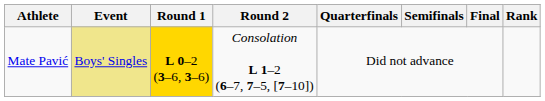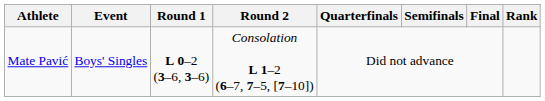 <table class=wikitable style="font-size:90%">
 <tr>
 <th>Athlete</th>
 <th>Event</th>
 <th>Round 1</th>
 <th>Round 2</th>
 <th>Quarterfinals</th>
 <th>Semifinals</th>
 <th>Final</th>
 <th>Rank</th>
 </tr>
 <tr>
 <td><a href='#'>Mate Pavić</a></td>
-<td style="background: khaki;"><a href='#'>Boys' Singles</a></td>
-<td align=center style="background: gold;"><br><strong>L</strong> <strong>0</strong>–2<br> (<strong>3</strong>–6, <strong>3</strong>–6)</td>
+<td><a href='#'>Boys' Singles</a></td>
+<td align=center><br><strong>L</strong> <strong>0</strong>–2<br> (<strong>3</strong>–6, <strong>3</strong>–6)</td>
 <td align=center><em>Consolation</em><br><br><strong>L</strong> <strong>1</strong>–2<br> (<strong>6</strong>–7, <strong>7</strong>–5, [<strong>7</strong>–10])</td>
 <td colspan=3 align=center>Did not advance</td>
 <td align=center></td>
 </tr>
 </table>
